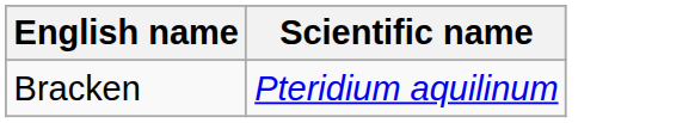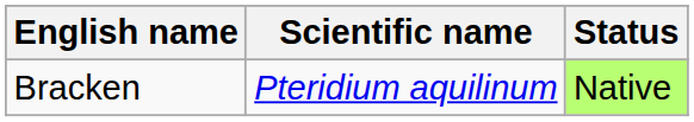 <table class="wikitable" |>
 <tr>
 <th>English name</th>
 <th>Scientific name</th>
+<th>Status</th>
 </tr>
 <tr>
 <td>Bracken</td>
 <td><em><a href='#'>Pteridium aquilinum</a></em></td>
+<td style="background: #B9FF72; text-align: ">Native</td>
 </tr>
 </table>
